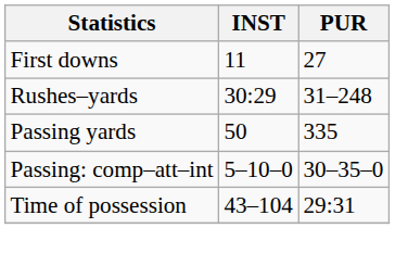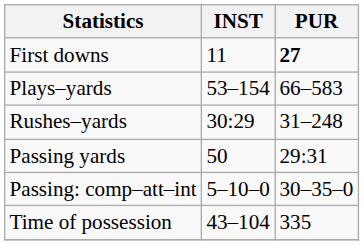 <table class="wikitable" style="float: left;">
 <tr>
 <th>Statistics</th>
 <th>INST</th>
 <th>PUR</th>
 </tr>
 <tr>
 <td>First downs</td>
 <td>11</td>
-<td>27</td>
+<td><strong>27</strong></td>
+</tr>
+<tr>
+<td>Plays–yards</td>
+<td>53–154</td>
+<td>66–583</td>
 </tr>
 <tr>
 <td>Rushes–yards</td>
 <td>30:29</td>
 <td>31–248</td>
 </tr>
 <tr>
 <td>Passing yards</td>
 <td>50</td>
-<td>335</td>
+<td>29:31</td>
 </tr>
 <tr>
 <td>Passing: comp–att–int</td>
 <td>5–10–0</td>
 <td>30–35–0</td>
 </tr>
 <tr>
 <td>Time of possession</td>
 <td>43–104</td>
-<td>29:31</td>
+<td>335</td>
 </tr>
 <tr>
 </tr>
 </table>
